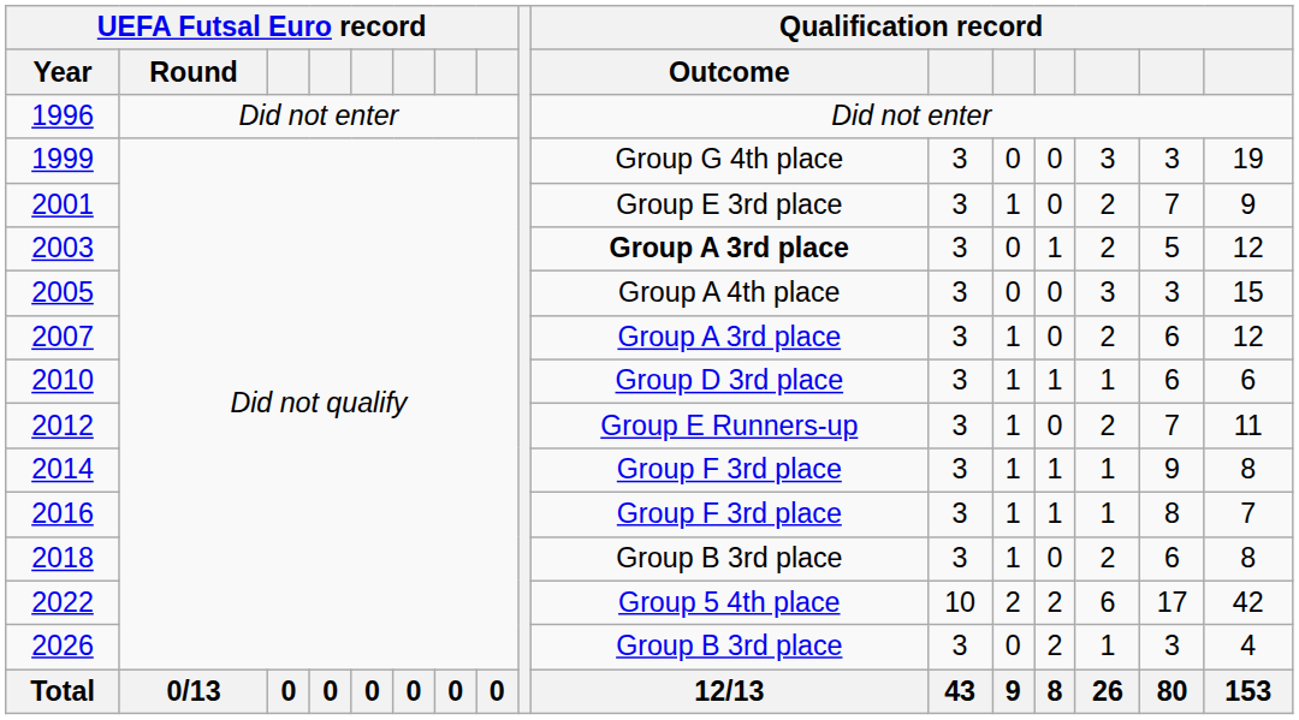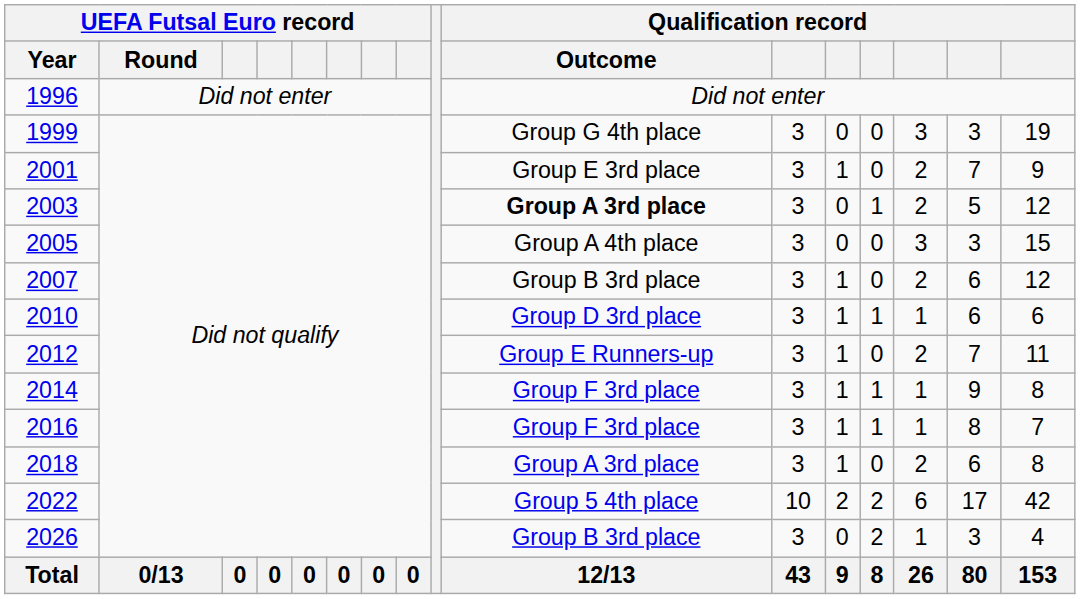 <table class="wikitable" style="text-align: center;">
 <tr>
 <th colspan=8><a href='#'>UEFA Futsal Euro</a> record</th>
 <th width=1% rowspan=17></th>
 <th colspan=7>Qualification record</th>
 </tr>
 <tr>
 <th>Year</th>
 <th>Round</th>
 <th></th>
 <th></th>
 <th></th>
 <th></th>
 <th></th>
 <th></th>
 <th>Outcome</th>
 <th></th>
 <th></th>
 <th></th>
 <th></th>
 <th></th>
 <th></th>
 </tr>
 <tr>
 <td> <a href='#'>1996</a></td>
 <td colspan=7><em>Did not enter</em></td>
 <td colspan=7><em>Did not enter</em></td>
 </tr>
 <tr>
 <td> <a href='#'>1999</a></td>
 <td colspan=7 rowspan=12><em>Did not qualify</em></td>
 <td>Group G 4th place</td>
 <td>3</td>
 <td>0</td>
 <td>0</td>
 <td>3</td>
 <td>3</td>
 <td>19</td>
 </tr>
 <tr>
 <td> <a href='#'>2001</a></td>
 <td>Group E 3rd place</td>
 <td>3</td>
 <td>1</td>
 <td>0</td>
 <td>2</td>
 <td>7</td>
 <td>9</td>
 </tr>
 <tr>
 <td> <a href='#'>2003</a></td>
 <td><strong>Group A 3rd place</strong></td>
 <td>3</td>
 <td>0</td>
 <td>1</td>
 <td>2</td>
 <td>5</td>
 <td>12</td>
 </tr>
 <tr>
 <td> <a href='#'>2005</a></td>
 <td>Group A 4th place</td>
 <td>3</td>
 <td>0</td>
 <td>0</td>
 <td>3</td>
 <td>3</td>
 <td>15</td>
 </tr>
 <tr>
 <td> <a href='#'>2007</a></td>
-<td><a href='#'>Group A 3rd place</a></td>
+<td>Group B 3rd place</td>
 <td>3</td>
 <td>1</td>
 <td>0</td>
 <td>2</td>
 <td>6</td>
 <td>12</td>
 </tr>
 <tr>
 <td> <a href='#'>2010</a></td>
 <td><a href='#'>Group D 3rd place</a></td>
 <td>3</td>
 <td>1</td>
 <td>1</td>
 <td>1</td>
 <td>6</td>
 <td>6</td>
 </tr>
 <tr>
 <td> <a href='#'>2012</a></td>
 <td><a href='#'>Group E Runners-up</a></td>
 <td>3</td>
 <td>1</td>
 <td>0</td>
 <td>2</td>
 <td>7</td>
 <td>11</td>
 </tr>
 <tr>
 <td> <a href='#'>2014</a></td>
 <td><a href='#'>Group F 3rd place</a></td>
 <td>3</td>
 <td>1</td>
 <td>1</td>
 <td>1</td>
 <td>9</td>
 <td>8</td>
 </tr>
 <tr>
 <td> <a href='#'>2016</a></td>
 <td><a href='#'>Group F 3rd place</a></td>
 <td>3</td>
 <td>1</td>
 <td>1</td>
 <td>1</td>
 <td>8</td>
 <td>7</td>
 </tr>
 <tr>
 <td> <a href='#'>2018</a></td>
-<td>Group B 3rd place</td>
+<td><a href='#'>Group A 3rd place</a></td>
 <td>3</td>
 <td>1</td>
 <td>0</td>
 <td>2</td>
 <td>6</td>
 <td>8</td>
 </tr>
 <tr>
 <td> <a href='#'>2022</a></td>
 <td><a href='#'>Group 5 4th place</a></td>
 <td>10</td>
 <td>2</td>
 <td>2</td>
 <td>6</td>
 <td>17</td>
 <td>42</td>
 </tr>
 <tr>
 <td> <a href='#'>2026</a></td>
 <td><a href='#'>Group B 3rd place</a></td>
 <td>3</td>
 <td>0</td>
 <td>2</td>
 <td>1</td>
 <td>3</td>
 <td>4</td>
 </tr>
 <tr>
 <th><strong>Total</strong></th>
 <th>0/13</th>
 <th>0</th>
 <th>0</th>
 <th>0</th>
 <th>0</th>
 <th>0</th>
 <th>0</th>
 <th>12/13</th>
 <th>43</th>
 <th>9</th>
 <th>8</th>
 <th>26</th>
 <th>80</th>
 <th>153</th>
 </tr>
 </table>
